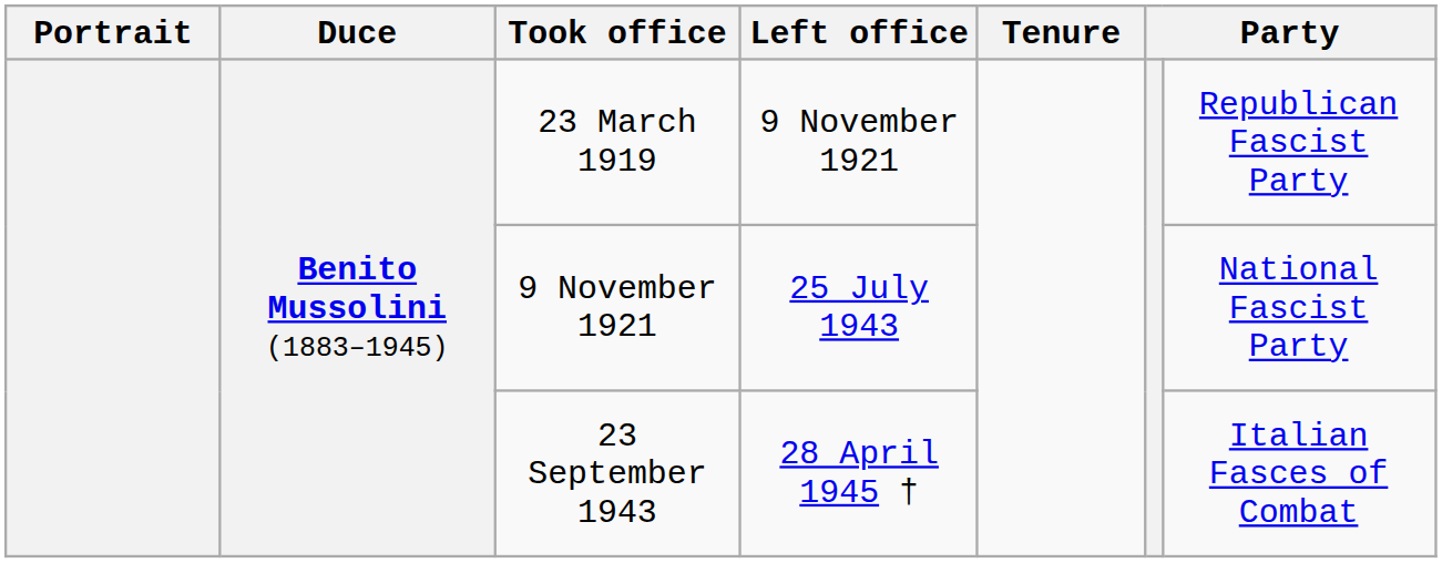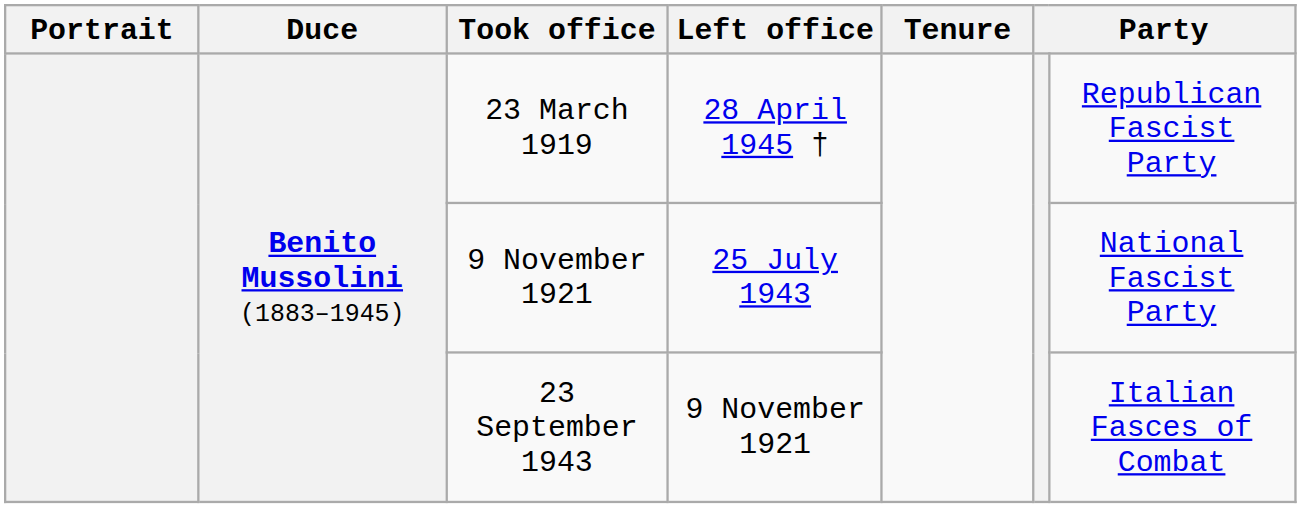 <table class="wikitable" style="text-align:center; style="width=90%">
 <tr>
 <th width=10%>Portrait</th>
 <th width=15%>Duce<br></th>
 <th width=13%>Took office</th>
 <th width=13%>Left office</th>
 <th width=8%>Tenure</th>
 <th colspan=2 width=15%>Party</th>
 </tr>
 <tr style="height:5em;">
 <th rowspan=3></th>
 <th scope="row" style="font-weight:normal" rowspan=3><strong><a href='#'>Benito Mussolini</a></strong><br><small>(1883–1945)</small></th>
 <td>23 March<br>1919</td>
-<td>9 November<br>1921</td>
+<td><a href='#'>28 April<br>1945</a> †</td>
 <td rowspan=3></td>
 <th rowspan=3 style="background:"></th>
 <td><a href='#'>Republican Fascist Party</a></td>
 </tr>
 <tr style="height:5em;">
 <td>9 November<br>1921</td>
 <td><a href='#'>25 July<br>1943</a></td>
 <td><a href='#'>National Fascist Party</a></td>
 </tr>
 <tr style="height:5em;">
 <td>23 September<br>1943</td>
-<td><a href='#'>28 April<br>1945</a> †</td>
+<td>9 November<br>1921</td>
 <td><a href='#'>Italian Fasces of Combat</a></td>
 </tr>
 </table>
